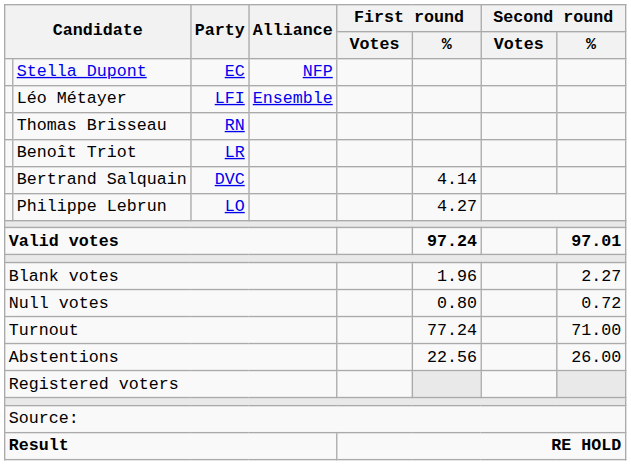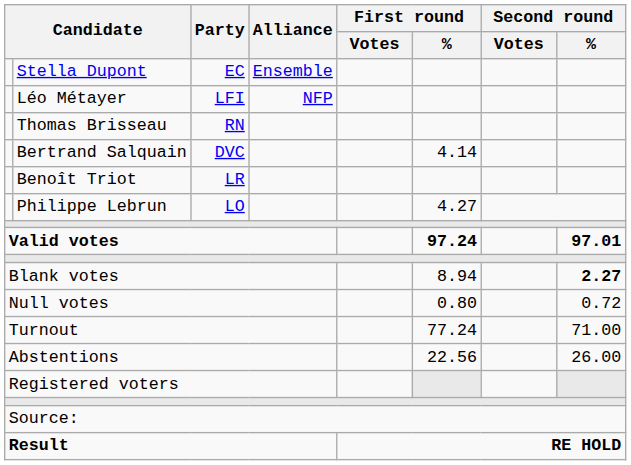 <table class="wikitable" style="text-align:right;font-size:95%;">
 <tr>
 <th colspan="2" rowspan="2">Candidate</th>
 <th colspan="1" rowspan="2">Party</th>
 <th colspan="1" rowspan="2">Alliance</th>
 <th colspan="2">First round</th>
 <th colspan="2">Second round</th>
 </tr>
 <tr>
 <th style="width:50px;">Votes</th>
 <th style="width:45px;">%</th>
 <th style="width:50px;">Votes</th>
 <th style="width:45px;">%</th>
 </tr>
 <tr>
 <td style="color:inherit;background:"></td>
 <td style="text-align:left;"><a href='#'>Stella Dupont</a></td>
 <td><a href='#'>EC</a></td>
-<td><a href='#'>NFP</a></td>
+<td><a href='#'>Ensemble</a></td>
 <td></td>
 <td></td>
 <td><strong></strong></td>
 <td><strong></strong></td>
 </tr>
 <tr>
 <td style="color:inherit;background:"></td>
 <td style="text-align:left;">Léo Métayer</td>
 <td><a href='#'>LFI</a></td>
-<td><a href='#'>Ensemble</a></td>
+<td><a href='#'>NFP</a></td>
 <td></td>
 <td></td>
 <td></td>
 <td></td>
 </tr>
 <tr>
 <td style="color:inherit;background:"></td>
 <td style="text-align:left;">Thomas Brisseau</td>
 <td><a href='#'>RN</a></td>
 <td></td>
 <td></td>
 <td></td>
 <td></td>
 <td></td>
 </tr>
 <tr>
 <td style="color:inherit;background:"></td>
+<td style="text-align:left;">Bertrand Salquain</td>
+<td><a href='#'>DVC</a></td>
+<td></td>
+<td></td>
+<td>4.14</td>
+<td></td>
+<td></td>
+</tr>
+<tr>
+<td style="color:inherit;background:"></td>
 <td style="text-align:left;">Benoît Triot</td>
 <td><a href='#'>LR</a></td>
 <td></td>
 <td></td>
 <td></td>
-<td></td>
-<td></td>
-</tr>
-<tr>
-<td style="color:inherit;background:"></td>
-<td style="text-align:left;">Bertrand Salquain</td>
-<td><a href='#'>DVC</a></td>
-<td></td>
-<td></td>
-<td>4.14</td>
 <td></td>
 <td></td>
 </tr>
 <tr>
 <td style="color:inherit;background:"></td>
 <td style="text-align:left;">Philippe Lebrun</td>
 <td><a href='#'>LO</a></td>
 <td></td>
 <td></td>
 <td>4.27</td>
 </tr>
 <tr>
 <td colspan="8" style="background:#E9E9E9;"></td>
 </tr>
 <tr style="font-weight:bold;">
 <td colspan="4" style="text-align:left;">Valid votes</td>
 <td></td>
 <td>97.24</td>
 <td></td>
 <td>97.01</td>
 </tr>
 <tr>
 <td colspan="8" style="background:#E9E9E9;"></td>
 </tr>
 <tr>
 <td colspan="4" style="text-align:left;">Blank votes</td>
 <td></td>
-<td>1.96</td>
+<td>8.94</td>
 <td></td>
-<td>2.27</td>
+<td><strong>2.27</strong></td>
 </tr>
 <tr>
 <td colspan="4" style="text-align:left;">Null votes</td>
 <td></td>
 <td>0.80</td>
 <td></td>
 <td>0.72</td>
 </tr>
 <tr>
 <td colspan="4" style="text-align:left;">Turnout</td>
 <td></td>
 <td>77.24</td>
 <td></td>
 <td>71.00</td>
 </tr>
 <tr>
 <td colspan="4" style="text-align:left;">Abstentions</td>
 <td></td>
 <td>22.56</td>
 <td></td>
 <td>26.00</td>
 </tr>
 <tr>
 <td colspan="4" style="text-align:left;">Registered voters</td>
 <td></td>
 <td style="background:#E9E9E9;"></td>
 <td></td>
 <td style="background:#E9E9E9;"></td>
 </tr>
 <tr>
 <td colspan="8" style="background:#E9E9E9;"></td>
 </tr>
 <tr>
 <td colspan="8" style="text-align:left;">Source: </td>
 </tr>
 <tr style="font-weight:bold">
 <td colspan="4" style="text-align:left;">Result</td>
 <td colspan="4" style="background-color:">RE HOLD</td>
 </tr>
 </table>
